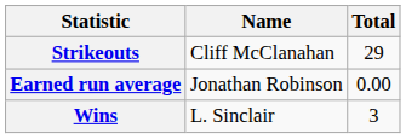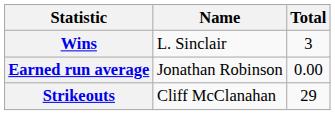 <table class="wikitable plainrowheaders">
 <tr>
 <th scope="col">Statistic</th>
 <th scope="col">Name</th>
 <th scope="col">Total</th>
 </tr>
 <tr>
-<th scope="row"><a href='#'>Strikeouts</a></th>
-<td> Cliff McClanahan</td>
-<td align=center>29</td>
+<th scope="row"><a href='#'>Wins</a></th>
+<td> L. Sinclair</td>
+<td align=center>3</td>
 </tr>
 <tr>
 <th scope="row"><a href='#'>Earned run average</a></th>
 <td> Jonathan Robinson</td>
 <td align=center>0.00</td>
 </tr>
 <tr>
-<th scope="row"><a href='#'>Wins</a></th>
-<td> L. Sinclair</td>
-<td align=center>3</td>
+<th scope="row"><a href='#'>Strikeouts</a></th>
+<td> Cliff McClanahan</td>
+<td align=center>29</td>
 </tr>
 </table>
